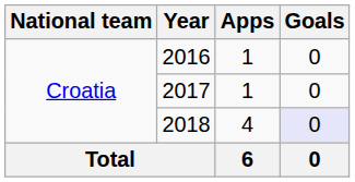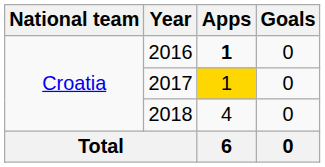 <table class="wikitable" style="text-align:center">
 <tr>
 <th>National team</th>
 <th>Year</th>
 <th>Apps</th>
 <th>Goals</th>
 </tr>
 <tr>
 <td rowspan="3"><a href='#'>Croatia</a></td>
 <td>2016</td>
-<td>1</td>
+<td><strong>1</strong></td>
 <td>0</td>
 </tr>
 <tr>
 <td>2017</td>
-<td>1</td>
+<td style="background: gold;">1</td>
 <td>0</td>
 </tr>
 <tr>
 <td>2018</td>
 <td>4</td>
-<td style="background: lavender;">0</td>
+<td>0</td>
 </tr>
 <tr>
 <th colspan="2">Total</th>
 <th>6</th>
 <th>0</th>
 </tr>
 </table>
